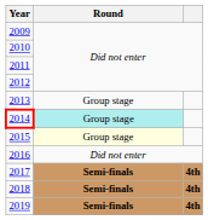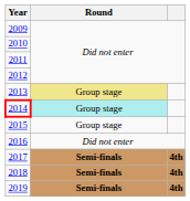 <table class="wikitable" style="text-align: center; font-size:90%">
 <tr>
 <th>Year</th>
 <th style="width:200px">Round</th>
 <th></th>
 </tr>
 <tr>
 <td><a href='#'>2009</a></td>
 <td colspan="2" rowspan="4"><em>Did not enter</em></td>
 </tr>
 <tr>
 <td><a href='#'>2010</a></td>
 </tr>
 <tr>
 <td><a href='#'>2011</a></td>
 </tr>
 <tr>
 <td><a href='#'>2012</a></td>
 </tr>
 <tr>
 <td><a href='#'>2013</a></td>
-<td>Group stage</td>
+<td style="background: khaki;">Group stage</td>
 <td></td>
 </tr>
 <tr>
 <td style="border: 3px solid red"><a href='#'>2014</a></td>
 <td style="background: paleturquoise;">Group stage</td>
 <td></td>
 </tr>
 <tr>
 <td><a href='#'>2015</a></td>
-<td style="background: lightyellow;">Group stage</td>
+<td>Group stage</td>
 <td></td>
 </tr>
 <tr>
 <td><a href='#'>2016</a></td>
 <td colspan="2"><em>Did not enter</em></td>
 </tr>
 <tr>
 <td><a href='#'>2017</a></td>
 <td bgcolor="cc9966"><strong>Semi-finals</strong></td>
 <td bgcolor="cc9966"><strong>4th</strong></td>
 </tr>
 <tr>
 <td><a href='#'>2018</a></td>
 <td bgcolor="cc9966"><strong>Semi-finals</strong></td>
 <td bgcolor="cc9966"><strong>4th</strong></td>
 </tr>
 <tr>
 <td><a href='#'>2019</a></td>
 <td bgcolor="cc9966"><strong>Semi-finals</strong></td>
 <td bgcolor="cc9966"><strong>4th</strong></td>
 </tr>
 </table>
